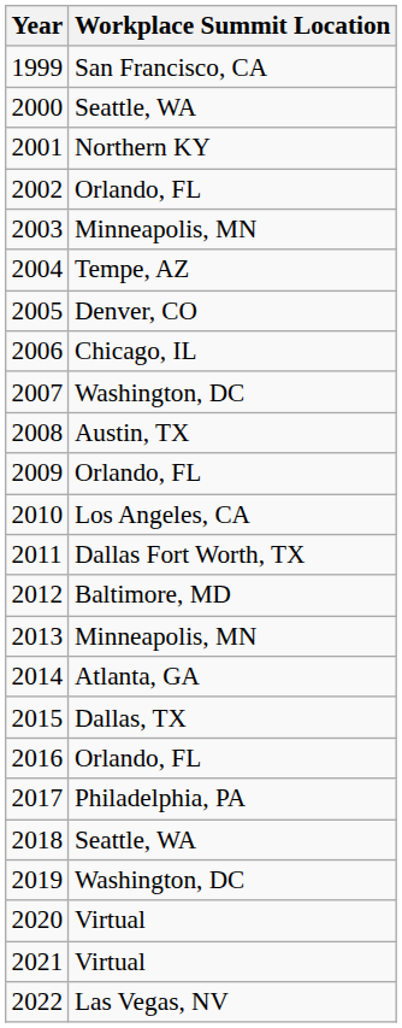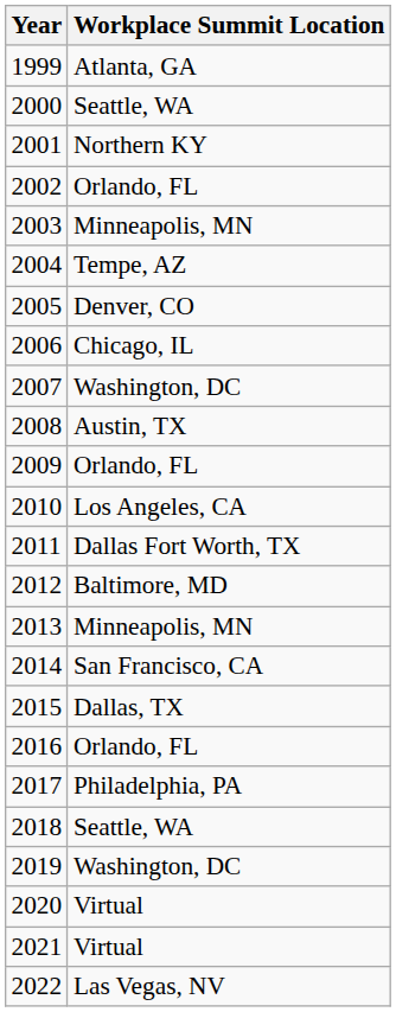 <table class="wikitable">
 <tr>
 <th>Year</th>
 <th>Workplace Summit Location</th>
 </tr>
 <tr>
 <td>1999</td>
-<td>San Francisco, CA</td>
+<td>Atlanta, GA</td>
 </tr>
 <tr>
 <td>2000</td>
 <td>Seattle, WA</td>
 </tr>
 <tr>
 <td>2001</td>
 <td>Northern KY</td>
 </tr>
 <tr>
 <td>2002</td>
 <td>Orlando, FL</td>
 </tr>
 <tr>
 <td>2003</td>
 <td>Minneapolis, MN</td>
 </tr>
 <tr>
 <td>2004</td>
 <td>Tempe, AZ</td>
 </tr>
 <tr>
 <td>2005</td>
 <td>Denver, CO</td>
 </tr>
 <tr>
 <td>2006</td>
 <td>Chicago, IL</td>
 </tr>
 <tr>
 <td>2007</td>
 <td>Washington, DC</td>
 </tr>
 <tr>
 <td>2008</td>
 <td>Austin, TX</td>
 </tr>
 <tr>
 <td>2009</td>
 <td>Orlando, FL</td>
 </tr>
 <tr>
 <td>2010</td>
 <td>Los Angeles, CA</td>
 </tr>
 <tr>
 <td>2011</td>
 <td>Dallas Fort Worth, TX</td>
 </tr>
 <tr>
 <td>2012</td>
 <td>Baltimore, MD</td>
 </tr>
 <tr>
 <td>2013</td>
 <td>Minneapolis, MN</td>
 </tr>
 <tr>
 <td>2014</td>
-<td>Atlanta, GA</td>
+<td>San Francisco, CA</td>
 </tr>
 <tr>
 <td>2015</td>
 <td>Dallas, TX</td>
 </tr>
 <tr>
 <td>2016</td>
 <td>Orlando, FL</td>
 </tr>
 <tr>
 <td>2017</td>
 <td>Philadelphia, PA</td>
 </tr>
 <tr>
 <td>2018</td>
 <td>Seattle, WA</td>
 </tr>
 <tr>
 <td>2019</td>
 <td>Washington, DC</td>
 </tr>
 <tr>
 <td>2020</td>
 <td>Virtual</td>
 </tr>
 <tr>
 <td>2021</td>
 <td>Virtual</td>
 </tr>
 <tr>
 <td>2022</td>
 <td>Las Vegas, NV</td>
 </tr>
 </table>
